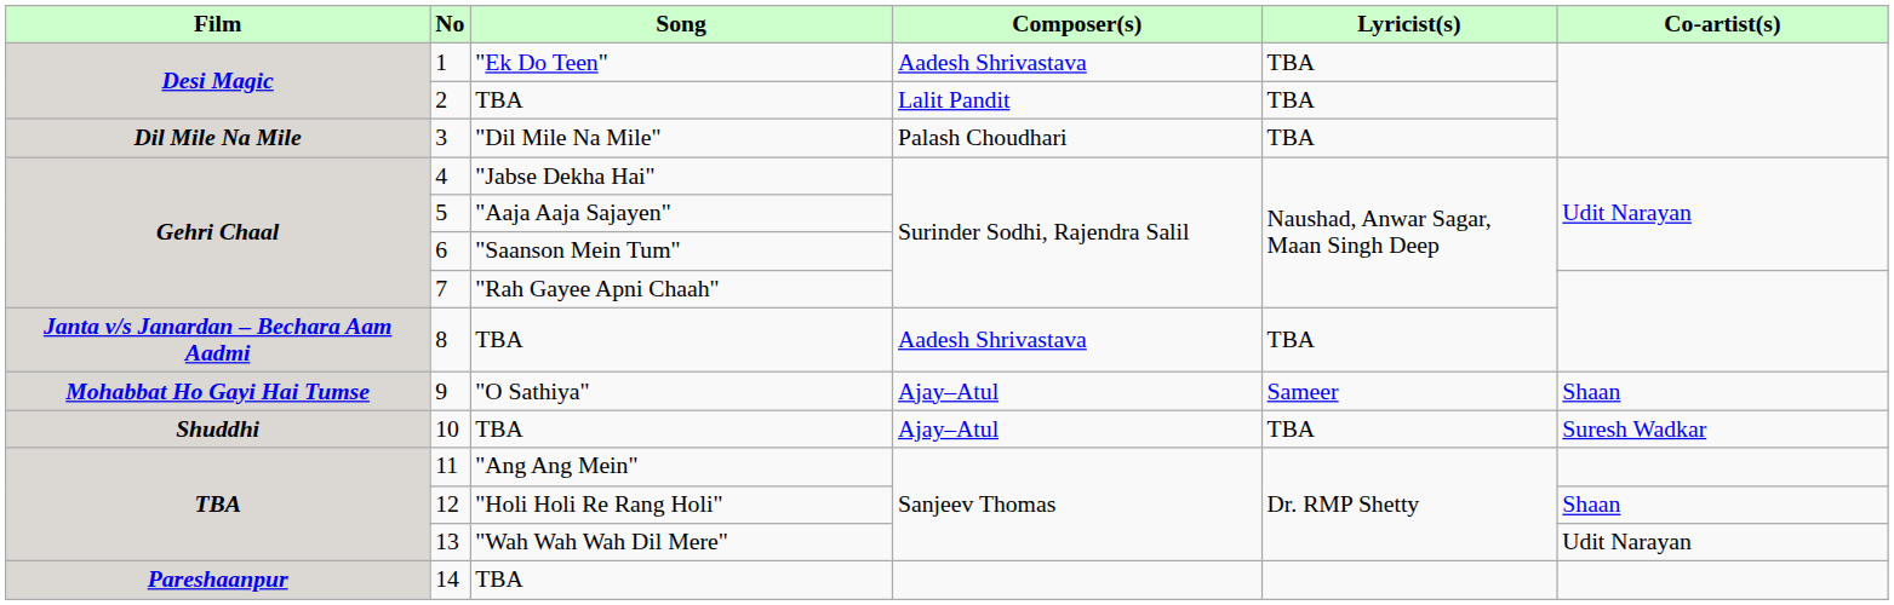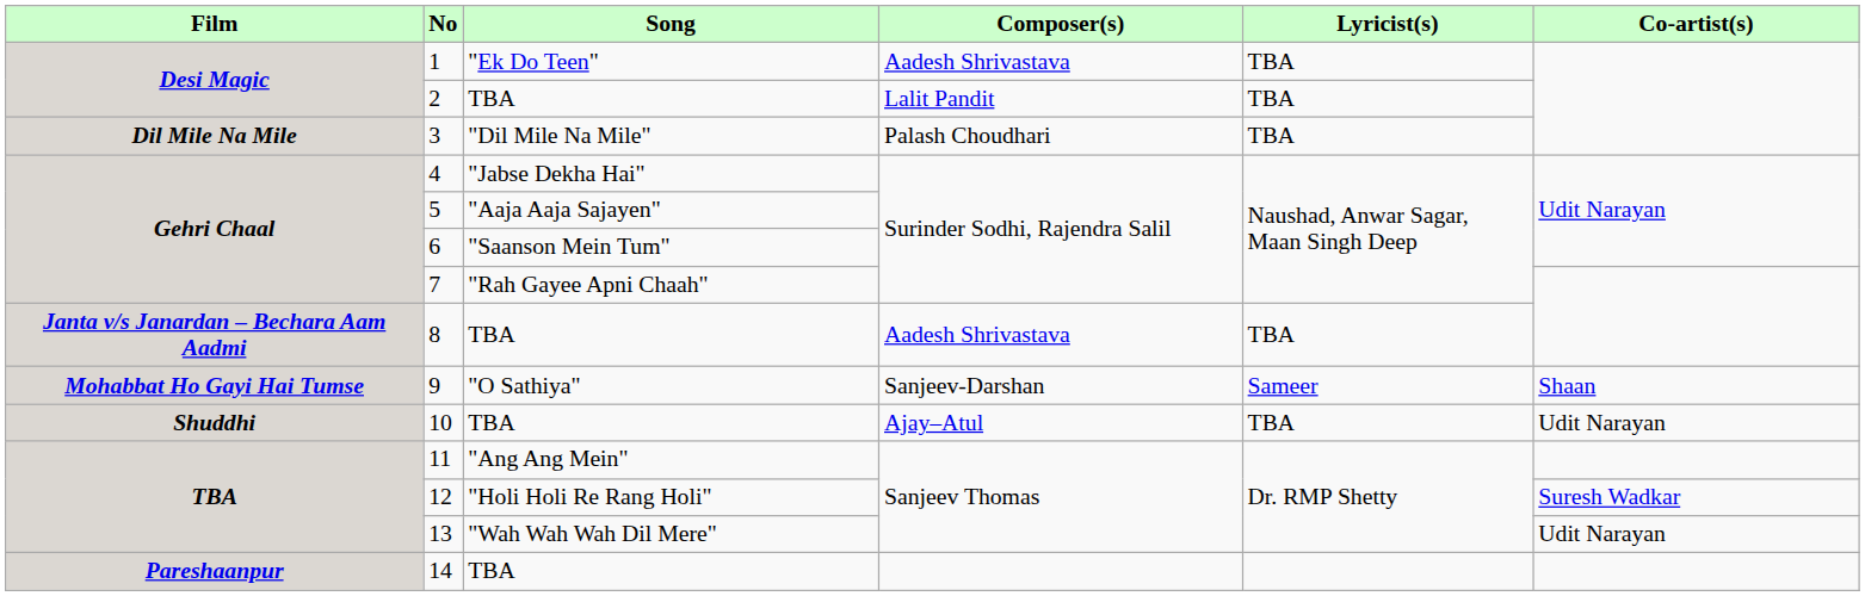 <table class="wikitable plainrowheaders" style="width:100%; textcolor:#000">
 <tr style="background:#cfc; text-align:center;">
 <td scope="col" style="width:23%;"><strong>Film</strong></td>
 <td><strong>No</strong></td>
 <td scope="col" style="width:23%;"><strong>Song</strong></td>
 <td scope="col" style="width:20%;"><strong>Composer(s)</strong></td>
 <td scope="col" style="width:16%;"><strong>Lyricist(s)</strong></td>
 <td scope="col" style="width:18%;"><strong>Co-artist(s)</strong></td>
 </tr>
 <tr>
 <th rowspan="2" scope="row" style="background:#dbd7d2;"><em><a href='#'>Desi Magic</a></em> </th>
 <td>1</td>
 <td>"<a href='#'>Ek Do Teen</a>"</td>
 <td><a href='#'>Aadesh Shrivastava</a></td>
 <td>TBA</td>
 <td rowspan="3"></td>
 </tr>
 <tr>
 <td>2</td>
 <td>TBA</td>
 <td><a href='#'>Lalit Pandit</a></td>
 <td>TBA</td>
 </tr>
 <tr>
 <th scope="row" style="background:#dbd7d2;"><em>Dil Mile Na Mile</em> </th>
 <td>3</td>
 <td>"Dil Mile Na Mile"</td>
 <td>Palash Choudhari</td>
 <td>TBA</td>
 </tr>
 <tr>
 <th scope="row" style="background:#dbd7d2;" rowspan="4"><em>Gehri Chaal</em> </th>
 <td>4</td>
 <td>"Jabse Dekha Hai"</td>
 <td rowspan="4">Surinder Sodhi, Rajendra Salil</td>
 <td rowspan="4">Naushad, Anwar Sagar, Maan Singh Deep</td>
 <td rowspan="3"><a href='#'>Udit Narayan</a></td>
 </tr>
 <tr>
 <td>5</td>
 <td>"Aaja Aaja Sajayen"</td>
 </tr>
 <tr>
 <td>6</td>
 <td>"Saanson Mein Tum"</td>
 </tr>
 <tr>
 <td>7</td>
 <td>"Rah Gayee Apni Chaah"</td>
 <td rowspan="2"></td>
 </tr>
 <tr>
 <th scope="row" style="background:#DBD7D2;"><em><a href='#'>Janta v/s Janardan – Bechara Aam Aadmi</a></em> </th>
 <td>8</td>
 <td>TBA</td>
 <td><a href='#'>Aadesh Shrivastava</a></td>
 <td>TBA</td>
 </tr>
 <tr>
 <th scope="row" style="background:#dbd7d2;"><em><a href='#'>Mohabbat Ho Gayi Hai Tumse</a></em> </th>
 <td>9</td>
 <td>"O Sathiya"</td>
-<td><a href='#'>Ajay–Atul</a></td>
+<td>Sanjeev-Darshan</td>
 <td><a href='#'>Sameer</a></td>
 <td><a href='#'>Shaan</a></td>
 </tr>
 <tr>
 <th scope="row" style="background:#dbd7d2;"><em>Shuddhi</em> </th>
 <td>10</td>
 <td>TBA</td>
 <td><a href='#'>Ajay–Atul</a></td>
 <td>TBA</td>
-<td><a href='#'>Suresh Wadkar</a></td>
+<td>Udit Narayan</td>
 </tr>
 <tr>
 <th scope="row" style="background:#dbd7d2;" rowspan="3"><em>TBA</em> </th>
 <td>11</td>
 <td>"Ang Ang Mein"</td>
 <td rowspan="3">Sanjeev Thomas</td>
 <td rowspan="3">Dr. RMP Shetty</td>
 <td></td>
 </tr>
 <tr>
 <td>12</td>
 <td>"Holi Holi Re Rang Holi"</td>
-<td><a href='#'>Shaan</a></td>
+<td><a href='#'>Suresh Wadkar</a></td>
 </tr>
 <tr>
 <td>13</td>
 <td>"Wah Wah Wah Dil Mere"</td>
 <td>Udit Narayan</td>
 </tr>
 <tr>
 <th scope="row" style="background:#dbd7d2;"><em><a href='#'>Pareshaanpur</a></em></th>
 <td>14</td>
 <td>TBA</td>
 <td></td>
 <td></td>
 <td></td>
 </tr>
 </table>
